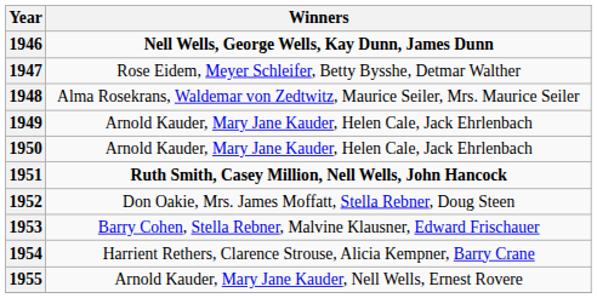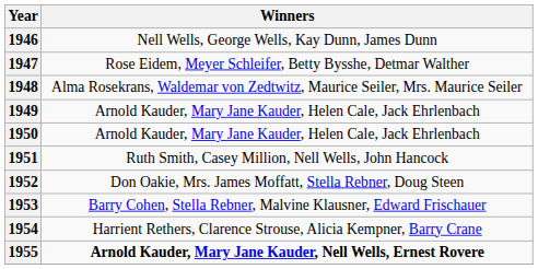 <table class="wikitable" style="text-align:center">
 <tr>
 <th>Year</th>
 <th>Winners</th>
 </tr>
 <tr>
 <th>1946</th>
-<td><strong>Nell Wells, George Wells, Kay Dunn, James Dunn</strong></td>
+<td>Nell Wells, George Wells, Kay Dunn, James Dunn</td>
 </tr>
 <tr>
 <th>1947</th>
 <td>Rose Eidem, <a href='#'>Meyer Schleifer</a>, Betty Bysshe, Detmar Walther</td>
 </tr>
 <tr>
 <th>1948</th>
 <td>  Alma Rosekrans, <a href='#'>Waldemar von Zedtwitz</a>, Maurice Seiler, Mrs. Maurice Seiler  </td>
 </tr>
 <tr>
 <th>1949</th>
 <td>Arnold Kauder, <a href='#'>Mary Jane Kauder</a>, Helen Cale, Jack Ehrlenbach</td>
 </tr>
 <tr>
 <th>1950</th>
 <td>Arnold Kauder, <a href='#'>Mary Jane Kauder</a>, Helen Cale, Jack Ehrlenbach</td>
 </tr>
 <tr>
 <th>1951</th>
-<td><strong>Ruth Smith, Casey Million, Nell Wells, John Hancock</strong></td>
+<td>Ruth Smith, Casey Million, Nell Wells, John Hancock</td>
 </tr>
 <tr>
 <th>1952</th>
 <td>Don Oakie, Mrs. James Moffatt, <a href='#'>Stella Rebner</a>, Doug Steen</td>
 </tr>
 <tr>
 <th>1953</th>
 <td><a href='#'>Barry Cohen</a>, <a href='#'>Stella Rebner</a>, Malvine Klausner, <a href='#'>Edward Frischauer</a></td>
 </tr>
 <tr>
 <th>1954</th>
 <td>Harrient Rethers, Clarence Strouse, Alicia Kempner, <a href='#'>Barry Crane</a></td>
 </tr>
 <tr>
 <th>1955</th>
-<td>Arnold Kauder, <a href='#'>Mary Jane Kauder</a>, Nell Wells, Ernest Rovere</td>
+<td><strong>Arnold Kauder, <a href='#'>Mary Jane Kauder</a>, Nell Wells, Ernest Rovere</strong></td>
 </tr>
 <tr>
 </tr>
 </table>
